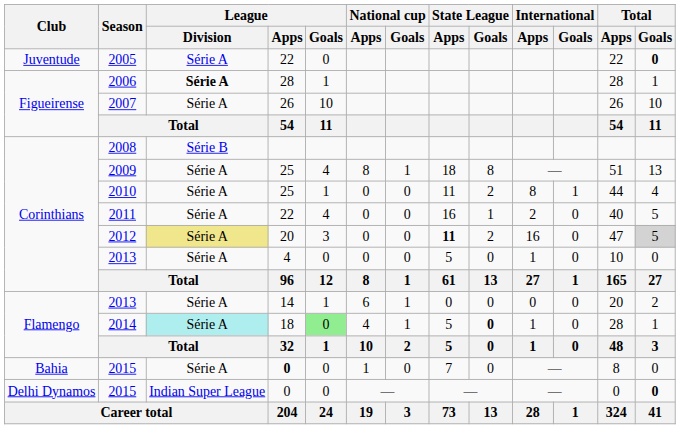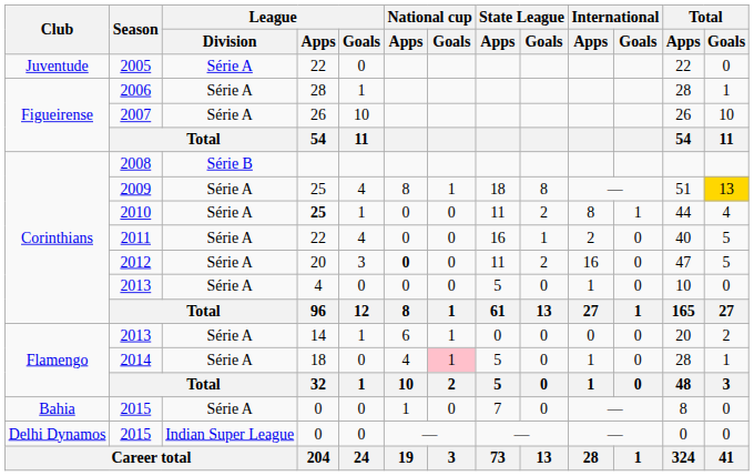 <table class="wikitable" style="text-align:center">
 <tr>
 <th rowspan="2">Club</th>
 <th rowspan="2">Season</th>
 <th colspan="3">League</th>
 <th colspan="2">National cup</th>
 <th colspan="2">State League</th>
 <th colspan="2">International</th>
 <th colspan="2">Total</th>
 </tr>
 <tr>
 <th>Division</th>
 <th>Apps</th>
 <th>Goals</th>
 <th>Apps</th>
 <th>Goals</th>
 <th>Apps</th>
 <th>Goals</th>
 <th>Apps</th>
 <th>Goals</th>
 <th>Apps</th>
 <th>Goals</th>
 </tr>
 <tr>
 <td><a href='#'>Juventude</a></td>
 <td><a href='#'>2005</a></td>
 <td><a href='#'>Série A</a></td>
 <td>22</td>
 <td>0</td>
 <td></td>
 <td></td>
 <td></td>
 <td></td>
 <td></td>
 <td></td>
 <td>22</td>
-<td><strong>0</strong></td>
+<td>0</td>
 </tr>
 <tr>
 <td rowspan="3"><a href='#'>Figueirense</a></td>
 <td><a href='#'>2006</a></td>
-<td><strong>Série A</strong></td>
+<td>Série A</td>
 <td>28</td>
 <td>1</td>
 <td></td>
 <td></td>
 <td></td>
 <td></td>
 <td></td>
 <td></td>
 <td>28</td>
 <td>1</td>
 </tr>
 <tr>
 <td><a href='#'>2007</a></td>
 <td>Série A</td>
 <td>26</td>
 <td>10</td>
 <td></td>
 <td></td>
 <td></td>
 <td></td>
 <td></td>
 <td></td>
 <td>26</td>
 <td>10</td>
 </tr>
 <tr>
 <th colspan="2">Total</th>
 <th>54</th>
 <th>11</th>
 <th></th>
 <th></th>
 <th></th>
 <th></th>
 <th></th>
 <th></th>
 <th>54</th>
 <th>11</th>
 </tr>
 <tr>
 <td rowspan="7"><a href='#'>Corinthians</a></td>
 <td><a href='#'>2008</a></td>
 <td><a href='#'>Série B</a></td>
 <td></td>
 <td></td>
 <td></td>
 <td></td>
 <td></td>
 <td></td>
 <td></td>
 <td></td>
 <td></td>
 <td></td>
 </tr>
 <tr>
 <td><a href='#'>2009</a></td>
 <td>Série A</td>
 <td>25</td>
 <td>4</td>
 <td>8</td>
 <td>1</td>
 <td>18</td>
 <td>8</td>
 <td colspan="2">—</td>
 <td>51</td>
-<td>13</td>
+<td style="background: gold;">13</td>
 </tr>
 <tr>
 <td><a href='#'>2010</a></td>
 <td>Série A</td>
-<td>25</td>
+<td><strong>25</strong></td>
 <td>1</td>
 <td>0</td>
 <td>0</td>
 <td>11</td>
 <td>2</td>
 <td>8</td>
 <td>1</td>
 <td>44</td>
 <td>4</td>
 </tr>
 <tr>
 <td><a href='#'>2011</a></td>
 <td>Série A</td>
 <td>22</td>
 <td>4</td>
 <td>0</td>
 <td>0</td>
 <td>16</td>
 <td>1</td>
 <td>2</td>
 <td>0</td>
 <td>40</td>
 <td>5</td>
 </tr>
 <tr>
 <td><a href='#'>2012</a></td>
-<td style="background: khaki;">Série A</td>
+<td>Série A</td>
 <td>20</td>
 <td>3</td>
+<td><strong>0</strong></td>
 <td>0</td>
-<td>0</td>
-<td><strong>11</strong></td>
+<td>11</td>
 <td>2</td>
 <td>16</td>
 <td>0</td>
 <td>47</td>
-<td style="background: lightgrey;">5</td>
+<td>5</td>
 </tr>
 <tr>
 <td><a href='#'>2013</a></td>
 <td>Série A</td>
 <td>4</td>
 <td>0</td>
 <td>0</td>
 <td>0</td>
 <td>5</td>
 <td>0</td>
 <td>1</td>
 <td>0</td>
 <td>10</td>
 <td>0</td>
 </tr>
 <tr>
 <th colspan="2">Total</th>
 <th>96</th>
 <th>12</th>
 <th>8</th>
 <th>1</th>
 <th>61</th>
 <th>13</th>
 <th>27</th>
 <th>1</th>
 <th>165</th>
 <th>27</th>
 </tr>
 <tr>
 <td rowspan="3"><a href='#'>Flamengo</a></td>
 <td><a href='#'>2013</a></td>
 <td>Série A</td>
 <td>14</td>
 <td>1</td>
 <td>6</td>
 <td>1</td>
 <td>0</td>
 <td>0</td>
 <td>0</td>
 <td>0</td>
 <td>20</td>
 <td>2</td>
 </tr>
 <tr>
 <td><a href='#'>2014</a></td>
-<td style="background: paleturquoise;">Série A</td>
+<td>Série A</td>
 <td>18</td>
-<td style="background: lightgreen;">0</td>
+<td>0</td>
 <td>4</td>
-<td>1</td>
+<td style="background: pink;">1</td>
 <td>5</td>
-<td><strong>0</strong></td>
+<td>0</td>
 <td>1</td>
 <td>0</td>
 <td>28</td>
 <td>1</td>
 </tr>
 <tr>
 <th colspan="2">Total</th>
 <th>32</th>
 <th>1</th>
 <th>10</th>
 <th>2</th>
 <th>5</th>
 <th>0</th>
 <th>1</th>
 <th>0</th>
 <th>48</th>
 <th>3</th>
 </tr>
 <tr>
 <td><a href='#'>Bahia</a></td>
 <td><a href='#'>2015</a></td>
 <td>Série A</td>
-<td><strong>0</strong></td>
+<td>0</td>
 <td>0</td>
 <td>1</td>
 <td>0</td>
 <td>7</td>
 <td>0</td>
 <td colspan="2">—</td>
 <td>8</td>
 <td>0</td>
 </tr>
 <tr>
 <td><a href='#'>Delhi Dynamos</a></td>
 <td><a href='#'>2015</a></td>
 <td><a href='#'>Indian Super League</a></td>
 <td>0</td>
 <td>0</td>
 <td colspan="2">—</td>
 <td colspan="2">—</td>
 <td colspan="2">—</td>
 <td>0</td>
-<td><strong>0</strong></td>
+<td>0</td>
 </tr>
 <tr>
 <th colspan="3">Career total</th>
 <th>204</th>
 <th>24</th>
 <th>19</th>
 <th>3</th>
 <th>73</th>
 <th>13</th>
 <th>28</th>
 <th>1</th>
 <th>324</th>
 <th>41</th>
 </tr>
 </table>
